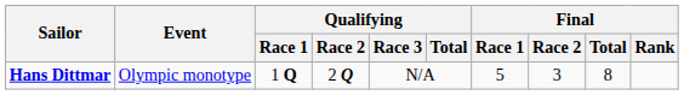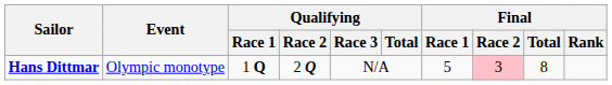 <table class=wikitable style="font-size:90%">
 <tr>
 <th rowspan=2>Sailor</th>
 <th rowspan=2>Event</th>
 <th colspan=4>Qualifying</th>
 <th colspan=4>Final</th>
 </tr>
 <tr>
 <th>Race 1</th>
 <th>Race 2</th>
 <th>Race 3</th>
 <th>Total</th>
 <th>Race 1</th>
 <th>Race 2</th>
 <th>Total</th>
 <th>Rank</th>
 </tr>
 <tr>
 <td><strong><a href='#'>Hans Dittmar</a></strong></td>
 <td><a href='#'>Olympic monotype</a></td>
 <td align=center>1 <strong>Q</strong></td>
 <td align=center>2 <strong><em>Q</em></strong></td>
 <td align=center colspan=2>N/A</td>
 <td align=center>5</td>
-<td align=center>3</td>
+<td align=center style="background: pink;">3</td>
 <td align=center>8</td>
 <td align=center></td>
 </tr>
 </table>
